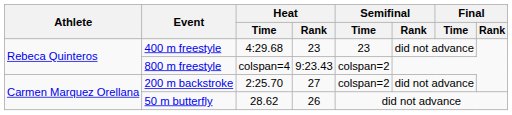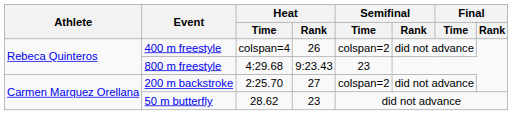 <table class=wikitable style="font-size:90%">
 <tr>
 <th rowspan=2>Athlete</th>
 <th rowspan=2>Event</th>
 <th colspan="2">Heat</th>
 <th colspan="2">Semifinal</th>
 <th colspan="2">Final</th>
 </tr>
 <tr style="font-size:95%">
 <th>Time</th>
 <th>Rank</th>
 <th>Time</th>
 <th>Rank</th>
 <th>Time</th>
 <th>Rank</th>
 </tr>
 <tr align=center>
 <td align=left rowspan=2><a href='#'>Rebeca Quinteros</a></td>
 <td align=left><a href='#'>400 m freestyle</a></td>
-<td>4:29.68</td>
-<td>23</td>
-<td>23</td>
+<td>colspan=4 </td>
+<td>26</td>
+<td>colspan=2 </td>
 <td colspan=2>did not advance</td>
 </tr>
 <tr align=center>
 <td align=left><a href='#'>800 m freestyle</a></td>
-<td>colspan=4 </td>
+<td>4:29.68</td>
 <td>9:23.43</td>
-<td>colspan=2 </td>
+<td>23</td>
 </tr>
 <tr align=center>
 <td align=left rowspan=2><a href='#'>Carmen Marquez Orellana</a></td>
 <td align=left><a href='#'>200 m backstroke</a></td>
 <td>2:25.70</td>
 <td>27</td>
 <td>colspan=2 </td>
 <td colspan=2>did not advance</td>
 </tr>
 <tr align=center>
 <td align=left><a href='#'>50 m butterfly</a></td>
 <td>28.62</td>
-<td>26</td>
+<td>23</td>
 <td colspan=4>did not advance</td>
 </tr>
 </table>
